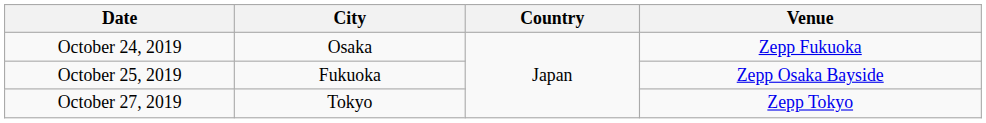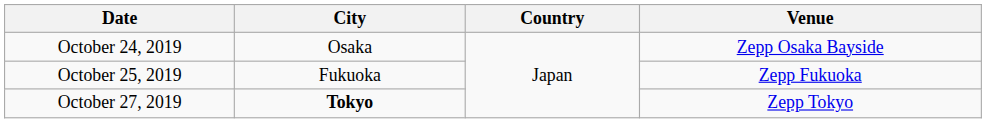 <table class="wikitable" style="text-align:center;">
 <tr>
 <th width="200">Date</th>
 <th width="200">City</th>
 <th width="150">Country</th>
 <th width="300">Venue</th>
 </tr>
 <tr>
 <td>October 24, 2019</td>
 <td>Osaka</td>
 <td rowspan="3">Japan</td>
-<td><a href='#'>Zepp Fukuoka</a></td>
+<td><a href='#'>Zepp Osaka Bayside</a></td>
 </tr>
 <tr>
 <td>October 25, 2019</td>
 <td>Fukuoka</td>
-<td><a href='#'>Zepp Osaka Bayside</a></td>
+<td><a href='#'>Zepp Fukuoka</a></td>
 </tr>
 <tr>
 <td>October 27, 2019</td>
-<td>Tokyo</td>
+<td><strong>Tokyo</strong></td>
 <td><a href='#'>Zepp Tokyo</a></td>
 </tr>
 </table>
